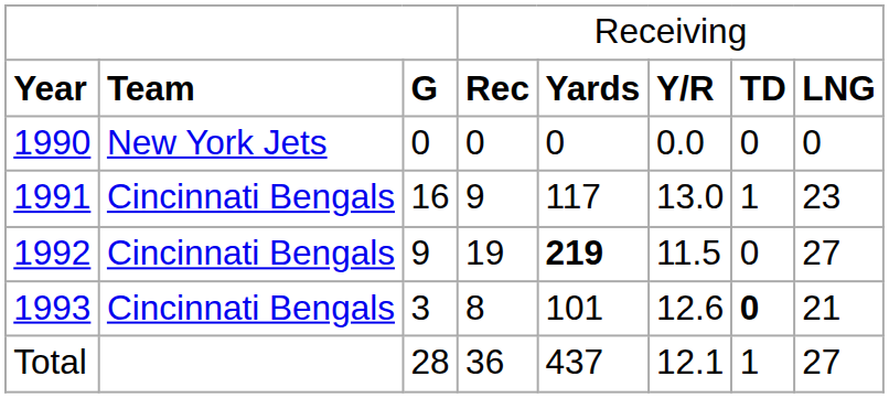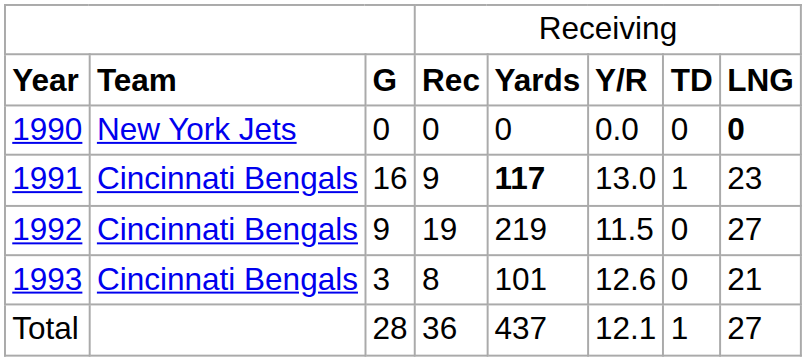 <table class="wikitable" border=0 style="background: #FFFFFF;">
 <tr>
 <td colspan=3></td>
 <td colspan=5 align="center">Receiving</td>
 </tr>
 <tr>
 <td><strong>Year</strong></td>
 <td><strong>Team</strong></td>
 <td><strong>G</strong></td>
 <td><strong>Rec</strong></td>
 <td><strong>Yards</strong></td>
 <td><strong>Y/R</strong></td>
 <td><strong>TD</strong></td>
 <td><strong>LNG</strong></td>
 </tr>
 <tr>
 <td><a href='#'>1990</a></td>
 <td><a href='#'>New York Jets</a></td>
 <td>0</td>
 <td>0</td>
 <td>0</td>
 <td>0.0</td>
 <td>0</td>
-<td>0</td>
+<td><strong>0</strong></td>
 </tr>
 <tr>
 <td><a href='#'>1991</a></td>
 <td><a href='#'>Cincinnati Bengals</a></td>
 <td>16</td>
 <td>9</td>
-<td>117</td>
+<td><strong>117</strong></td>
 <td>13.0</td>
 <td>1</td>
 <td>23</td>
 </tr>
 <tr>
 <td><a href='#'>1992</a></td>
 <td><a href='#'>Cincinnati Bengals</a></td>
 <td>9</td>
 <td>19</td>
-<td><strong>219</strong></td>
+<td>219</td>
 <td>11.5</td>
 <td>0</td>
 <td>27</td>
 </tr>
 <tr>
 <td><a href='#'>1993</a></td>
 <td><a href='#'>Cincinnati Bengals</a></td>
 <td>3</td>
 <td>8</td>
 <td>101</td>
 <td>12.6</td>
-<td><strong>0</strong></td>
+<td>0</td>
 <td>21</td>
 </tr>
 <tr>
 <td>Total</td>
 <td></td>
 <td>28</td>
 <td>36</td>
 <td>437</td>
 <td>12.1</td>
 <td>1</td>
 <td>27</td>
 </tr>
 </table>
